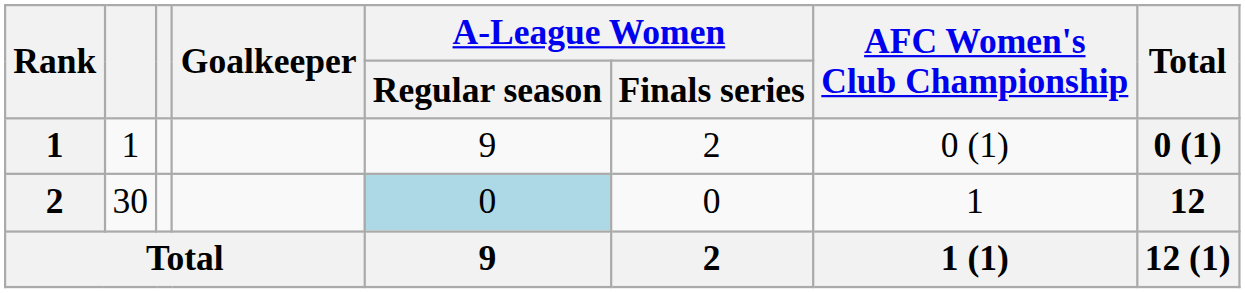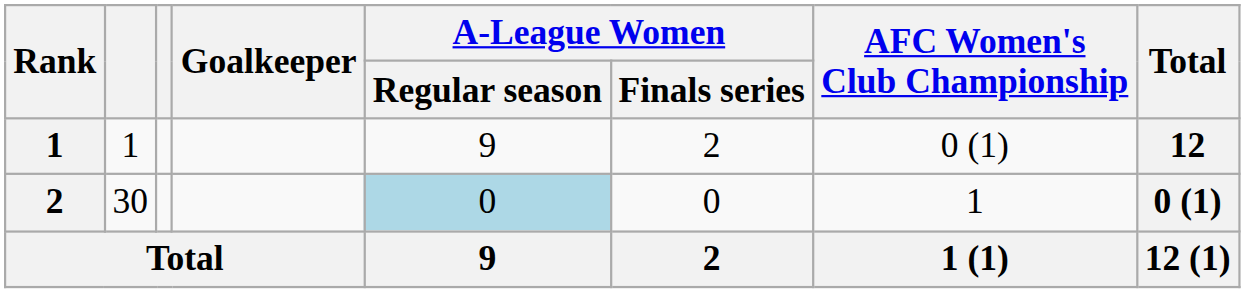 <table class="wikitable" style="text-align:center">
 <tr>
 <th rowspan="2">Rank</th>
 <th rowspan="2"></th>
 <th rowspan="2"></th>
 <th rowspan="2">Goalkeeper</th>
 <th colspan="2"><a href='#'>A-League Women</a></th>
 <th rowspan="2"><a href='#'>AFC Women's<br>Club Championship</a></th>
 <th rowspan="2">Total</th>
 </tr>
 <tr>
 <th>Regular season</th>
 <th>Finals series</th>
 </tr>
 <tr>
 <th>1</th>
 <td>1</td>
 <td></td>
 <td align="left"></td>
 <td>9</td>
 <td>2</td>
 <td>0 (1)</td>
-<th>0 (1)</th>
+<th>12</th>
 </tr>
 <tr>
 <th>2</th>
 <td>30</td>
 <td></td>
 <td align="left"></td>
 <td style="background: lightblue;">0</td>
 <td>0</td>
 <td>1</td>
-<th>12</th>
+<th>0 (1)</th>
 </tr>
 <tr>
 <th colspan="4">Total</th>
 <th>9</th>
 <th>2</th>
 <th>1 (1)</th>
 <th>12 (1)</th>
 </tr>
 </table>
